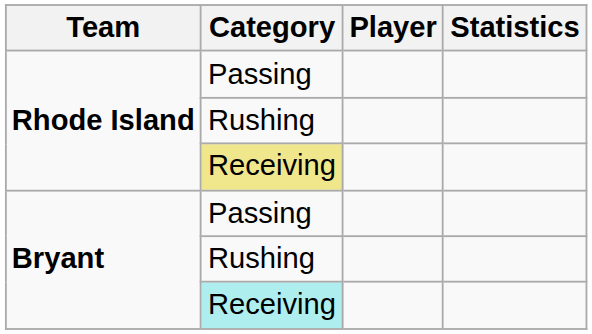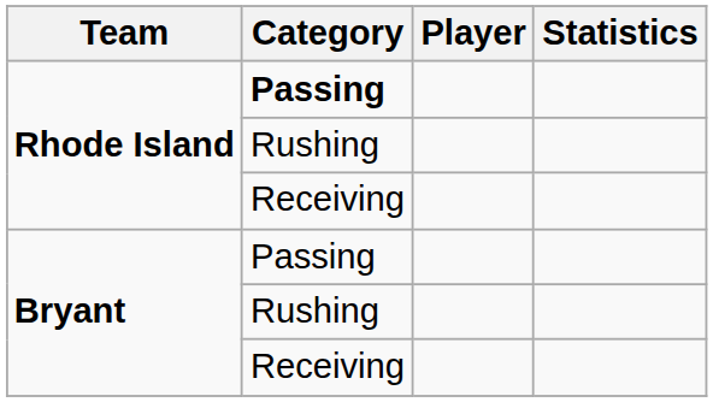 <table class="wikitable" style="float: right;">
 <tr>
 <th>Team</th>
 <th>Category</th>
 <th>Player</th>
 <th>Statistics</th>
 </tr>
 <tr>
 <td rowspan=3><strong>Rhode Island</strong></td>
-<td>Passing</td>
+<td><strong>Passing</strong></td>
 <td></td>
 <td></td>
 </tr>
 <tr>
 <td>Rushing</td>
 <td></td>
 <td></td>
 </tr>
 <tr>
-<td style="background: khaki;">Receiving</td>
+<td>Receiving</td>
 <td></td>
 <td></td>
 </tr>
 <tr>
 <td rowspan=3><strong>Bryant</strong></td>
 <td>Passing</td>
 <td></td>
 <td></td>
 </tr>
 <tr>
 <td>Rushing</td>
 <td></td>
 <td></td>
 </tr>
 <tr>
-<td style="background: paleturquoise;">Receiving</td>
+<td>Receiving</td>
 <td></td>
 <td></td>
 </tr>
 </table>
